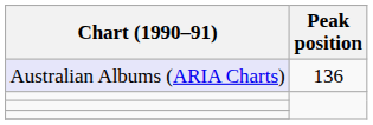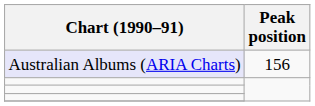 <table class="wikitable sortable">
 <tr>
 <th>Chart (1990–91)</th>
 <th>Peak<br>position</th>
 </tr>
 <tr>
 <td style="background: lavender;">Australian Albums (<a href='#'>ARIA Charts</a>)</td>
-<td align="center">136</td>
+<td align="center">156</td>
 </tr>
 <tr>
 <td></td>
 </tr>
 <tr>
 <td></td>
 </tr>
 <tr>
 <td></td>
 </tr>
 <tr>
 </tr>
 </table>
